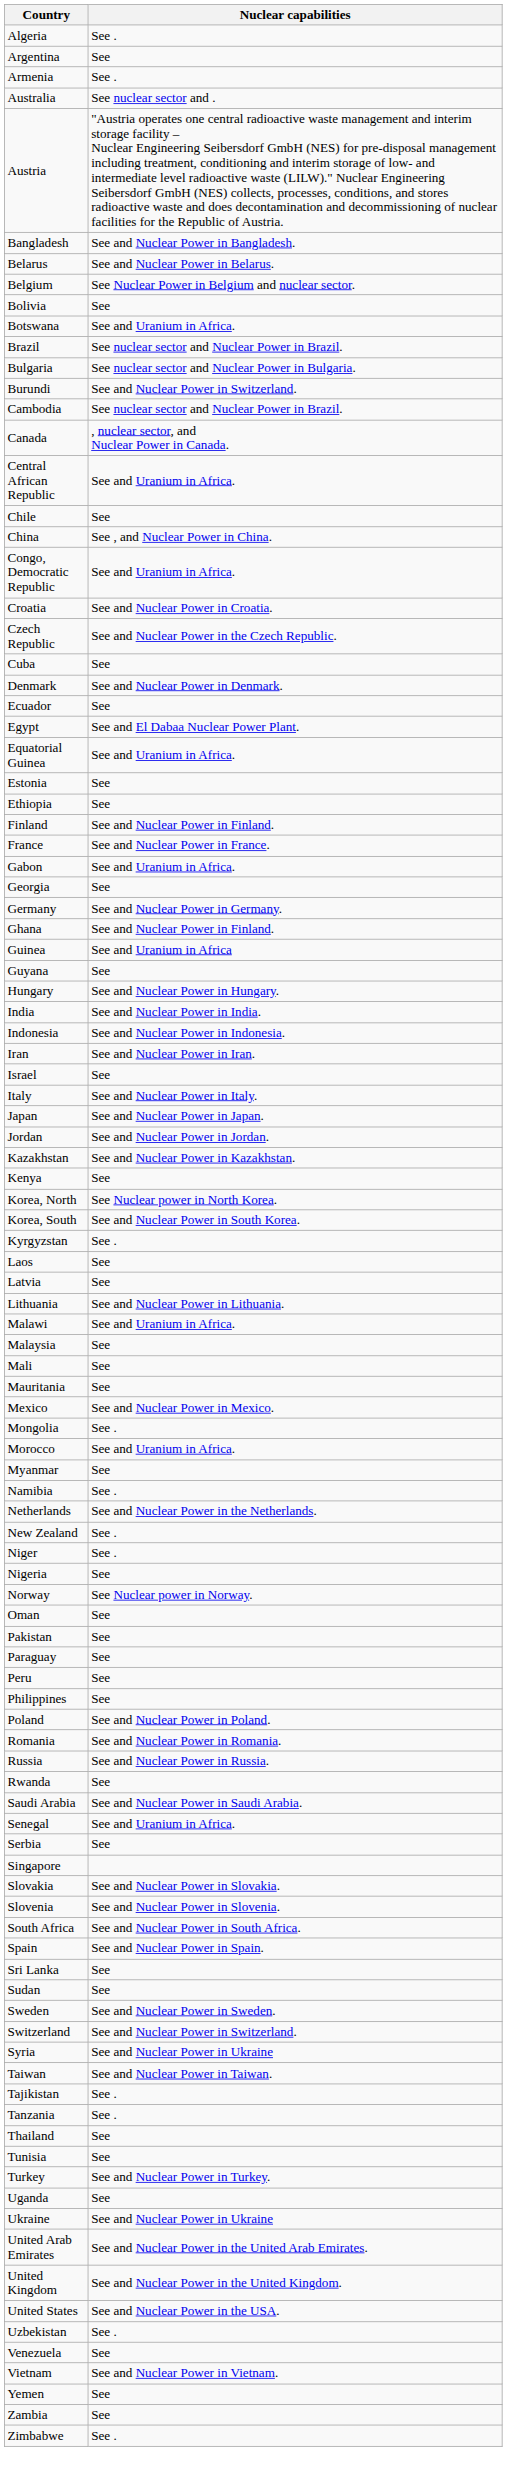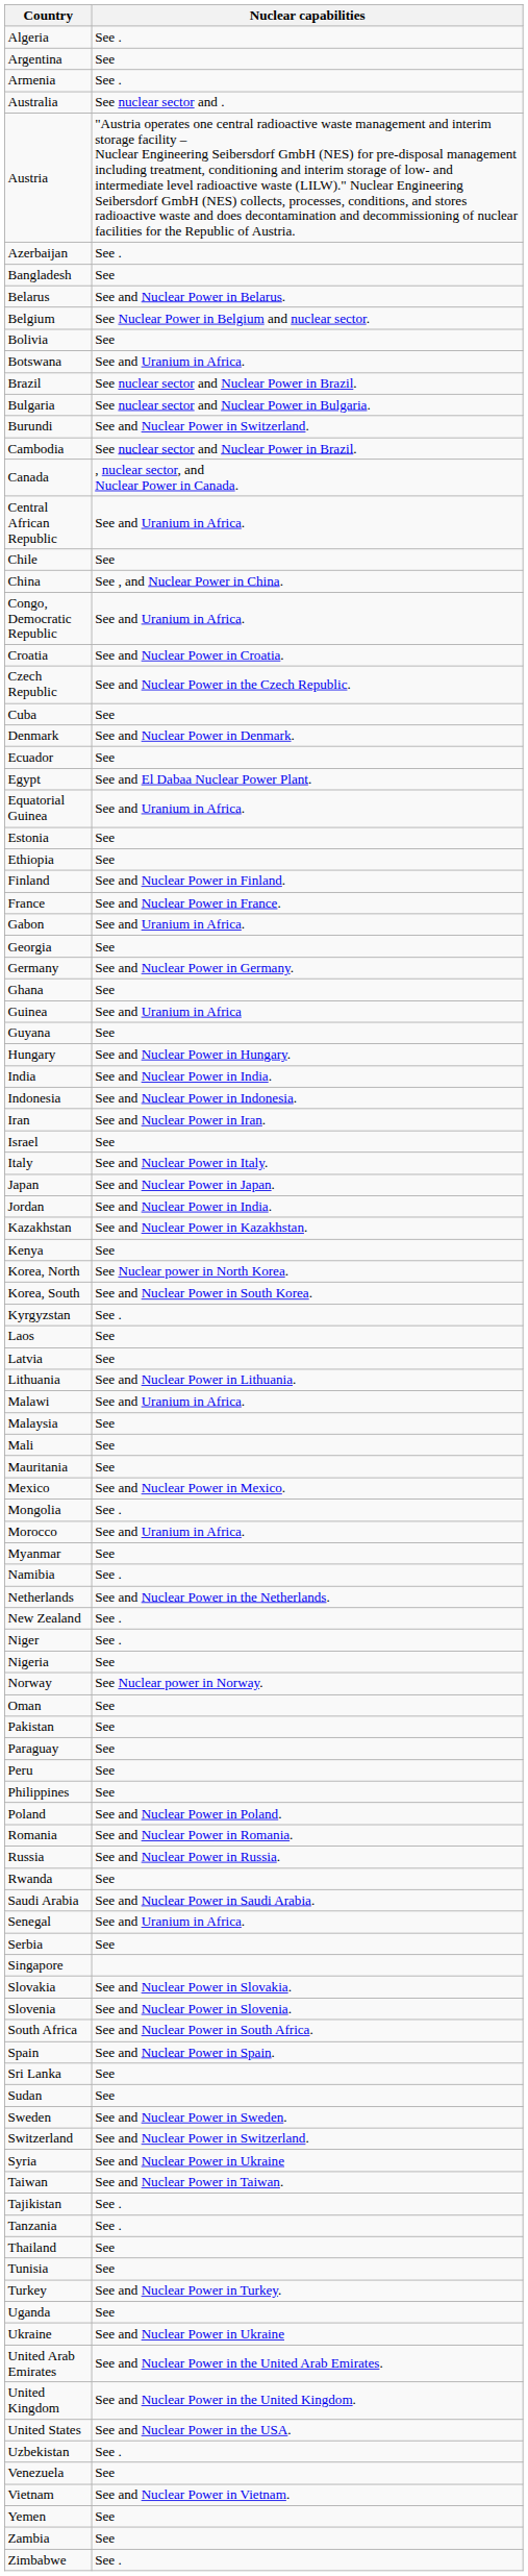 <table class="wikitable sortable">
 <tr>
 <th>Country</th>
 <th>Nuclear capabilities</th>
 </tr>
 <tr>
 <td>Algeria</td>
 <td>See .</td>
 </tr>
 <tr>
 <td>Argentina</td>
 <td>See </td>
 </tr>
 <tr>
 <td>Armenia</td>
 <td>See .</td>
 </tr>
 <tr>
 <td>Australia</td>
 <td>See <a href='#'>nuclear sector</a> and .</td>
 </tr>
 <tr>
 <td>Austria</td>
 <td>"Austria operates one central radioactive waste management and interim storage facility –<br>Nuclear Engineering Seibersdorf GmbH (NES) for pre-disposal management including treatment, conditioning and interim storage of low- and intermediate level radioactive waste (LILW)." Nuclear Engineering Seibersdorf GmbH (NES) collects, processes, conditions, and stores radioactive waste and does decontamination and decommissioning of nuclear facilities for the Republic of Austria.</td>
 </tr>
 <tr>
+<td>Azerbaijan</td>
+<td>See .</td>
+</tr>
+<tr>
 <td>Bangladesh</td>
-<td>See  and <a href='#'>Nuclear Power in Bangladesh</a>.</td>
+<td>See </td>
 </tr>
 <tr>
 <td>Belarus</td>
 <td>See  and <a href='#'>Nuclear Power in Belarus</a>.</td>
 </tr>
 <tr>
 <td>Belgium</td>
 <td>See <a href='#'>Nuclear Power in Belgium</a> and <a href='#'>nuclear sector</a>.</td>
 </tr>
 <tr>
 <td>Bolivia</td>
 <td>See </td>
 </tr>
 <tr>
 <td>Botswana</td>
 <td>See  and <a href='#'>Uranium in Africa</a>.</td>
 </tr>
 <tr>
 <td>Brazil</td>
 <td>See <a href='#'>nuclear sector</a> and <a href='#'>Nuclear Power in Brazil</a>.</td>
 </tr>
 <tr>
 <td>Bulgaria</td>
 <td>See <a href='#'>nuclear sector</a> and  <a href='#'>Nuclear Power in Bulgaria</a>.</td>
 </tr>
 <tr>
 <td>Burundi</td>
 <td>See  and <a href='#'>Nuclear Power in Switzerland</a>.</td>
 </tr>
 <tr>
 <td>Cambodia</td>
 <td>See <a href='#'>nuclear sector</a> and <a href='#'>Nuclear Power in Brazil</a>.</td>
 </tr>
 <tr>
 <td>Canada</td>
 <td>, <a href='#'>nuclear sector</a>, and<br><a href='#'>Nuclear Power in Canada</a>.</td>
 </tr>
 <tr>
 <td>Central African Republic</td>
 <td>See  and <a href='#'>Uranium in Africa</a>.</td>
 </tr>
 <tr>
 <td>Chile</td>
 <td>See </td>
 </tr>
 <tr>
 <td>China</td>
 <td>See , and <a href='#'>Nuclear Power in China</a>.</td>
 </tr>
 <tr>
 <td>Congo, Democratic Republic</td>
 <td>See  and <a href='#'>Uranium in Africa</a>.</td>
 </tr>
 <tr>
 <td>Croatia</td>
 <td>See  and <a href='#'>Nuclear Power in Croatia</a>.</td>
 </tr>
 <tr>
 <td>Czech Republic</td>
 <td>See  and <a href='#'>Nuclear Power in the Czech Republic</a>.</td>
 </tr>
 <tr>
 <td>Cuba</td>
 <td>See </td>
 </tr>
 <tr>
 <td>Denmark</td>
 <td>See  and <a href='#'>Nuclear Power in Denmark</a>.</td>
 </tr>
 <tr>
 <td>Ecuador</td>
 <td>See </td>
 </tr>
 <tr>
 <td>Egypt</td>
 <td>See  and <a href='#'>El Dabaa Nuclear Power Plant</a>.</td>
 </tr>
 <tr>
 <td>Equatorial Guinea</td>
 <td>See  and <a href='#'>Uranium in Africa</a>.</td>
 </tr>
 <tr>
 <td>Estonia</td>
 <td>See </td>
 </tr>
 <tr>
 <td>Ethiopia</td>
 <td>See </td>
 </tr>
 <tr>
 <td>Finland</td>
 <td>See  and <a href='#'>Nuclear Power in Finland</a>.</td>
 </tr>
 <tr>
 <td>France</td>
 <td>See  and <a href='#'>Nuclear Power in France</a>.</td>
 </tr>
 <tr>
 <td>Gabon</td>
 <td>See  and <a href='#'>Uranium in Africa</a>.</td>
 </tr>
 <tr>
 <td>Georgia</td>
 <td>See </td>
 </tr>
 <tr>
 <td>Germany</td>
 <td>See  and <a href='#'>Nuclear Power in Germany</a>.</td>
 </tr>
 <tr>
 <td>Ghana</td>
-<td>See  and <a href='#'>Nuclear Power in Finland</a>.</td>
+<td>See </td>
 </tr>
 <tr>
 <td>Guinea</td>
 <td>See  and <a href='#'>Uranium in Africa</a></td>
 </tr>
 <tr>
 <td>Guyana</td>
 <td>See </td>
 </tr>
 <tr>
 <td>Hungary</td>
 <td>See  and <a href='#'>Nuclear Power in Hungary</a>.</td>
 </tr>
 <tr>
 <td>India</td>
 <td>See  and <a href='#'>Nuclear Power in India</a>.</td>
 </tr>
 <tr>
 <td>Indonesia</td>
 <td>See  and <a href='#'>Nuclear Power in Indonesia</a>.</td>
 </tr>
 <tr>
 <td>Iran</td>
 <td>See  and <a href='#'>Nuclear Power in Iran</a>.</td>
 </tr>
 <tr>
 <td>Israel</td>
 <td>See </td>
 </tr>
 <tr>
 <td>Italy</td>
 <td>See  and <a href='#'>Nuclear Power in Italy</a>.</td>
 </tr>
 <tr>
 <td>Japan</td>
 <td>See  and <a href='#'>Nuclear Power in Japan</a>.</td>
 </tr>
 <tr>
 <td>Jordan</td>
-<td>See  and <a href='#'>Nuclear Power in Jordan</a>.</td>
+<td>See  and <a href='#'>Nuclear Power in India</a>.</td>
 </tr>
 <tr>
 <td>Kazakhstan</td>
 <td>See  and <a href='#'>Nuclear Power in Kazakhstan</a>.</td>
 </tr>
 <tr>
 <td>Kenya</td>
 <td>See </td>
 </tr>
 <tr>
 <td>Korea, North</td>
 <td>See <a href='#'>Nuclear power in North Korea</a>.</td>
 </tr>
 <tr>
 <td>Korea, South</td>
 <td>See  and <a href='#'>Nuclear Power in South Korea</a>.</td>
 </tr>
 <tr>
 <td>Kyrgyzstan</td>
 <td>See .</td>
 </tr>
 <tr>
 <td>Laos</td>
 <td>See </td>
 </tr>
 <tr>
 <td>Latvia</td>
 <td>See </td>
 </tr>
 <tr>
 <td>Lithuania</td>
 <td>See  and <a href='#'>Nuclear Power in Lithuania</a>.</td>
 </tr>
 <tr>
 <td>Malawi</td>
 <td>See  and <a href='#'>Uranium in Africa</a>.</td>
 </tr>
 <tr>
 <td>Malaysia</td>
 <td>See </td>
 </tr>
 <tr>
 <td>Mali</td>
 <td>See </td>
 </tr>
 <tr>
 <td>Mauritania</td>
 <td>See </td>
 </tr>
 <tr>
 <td>Mexico</td>
 <td>See  and <a href='#'>Nuclear Power in Mexico</a>.</td>
 </tr>
 <tr>
 <td>Mongolia</td>
 <td>See .</td>
 </tr>
 <tr>
 <td>Morocco</td>
 <td>See  and <a href='#'>Uranium in Africa</a>.</td>
 </tr>
 <tr>
 <td>Myanmar</td>
 <td>See </td>
 </tr>
 <tr>
 <td>Namibia</td>
 <td>See .</td>
 </tr>
 <tr>
 <td>Netherlands</td>
 <td>See  and <a href='#'>Nuclear Power in the Netherlands</a>.</td>
 </tr>
 <tr>
 <td>New Zealand</td>
 <td>See .</td>
 </tr>
 <tr>
 <td>Niger</td>
 <td>See .</td>
 </tr>
 <tr>
 <td>Nigeria</td>
 <td>See </td>
 </tr>
 <tr>
 <td>Norway</td>
 <td>See <a href='#'>Nuclear power in Norway</a>.</td>
 </tr>
 <tr>
 <td>Oman</td>
 <td>See </td>
 </tr>
 <tr>
 <td>Pakistan</td>
 <td>See </td>
 </tr>
 <tr>
 <td>Paraguay</td>
 <td>See </td>
 </tr>
 <tr>
 <td>Peru</td>
 <td>See </td>
 </tr>
 <tr>
 <td>Philippines</td>
 <td>See </td>
 </tr>
 <tr>
 <td>Poland</td>
 <td>See  and <a href='#'>Nuclear Power in Poland</a>.</td>
 </tr>
 <tr>
 <td>Romania</td>
 <td>See  and <a href='#'>Nuclear Power in Romania</a>.</td>
 </tr>
 <tr>
 <td>Russia</td>
 <td>See  and <a href='#'>Nuclear Power in Russia</a>.</td>
 </tr>
 <tr>
 <td>Rwanda</td>
 <td>See </td>
 </tr>
 <tr>
 <td>Saudi Arabia</td>
 <td>See  and <a href='#'>Nuclear Power in Saudi Arabia</a>.</td>
 </tr>
 <tr>
 <td>Senegal</td>
 <td>See  and <a href='#'>Uranium in Africa</a>.</td>
 </tr>
 <tr>
 <td>Serbia</td>
 <td>See </td>
 </tr>
 <tr>
 <td>Singapore</td>
 <td></td>
 </tr>
 <tr>
 <td>Slovakia</td>
 <td>See  and <a href='#'>Nuclear Power in Slovakia</a>.</td>
 </tr>
 <tr>
 <td>Slovenia</td>
 <td>See  and <a href='#'>Nuclear Power in Slovenia</a>.</td>
 </tr>
 <tr>
 <td>South Africa</td>
 <td>See  and <a href='#'>Nuclear Power in South Africa</a>.</td>
 </tr>
 <tr>
 <td>Spain</td>
 <td>See  and <a href='#'>Nuclear Power in Spain</a>.</td>
 </tr>
 <tr>
 <td>Sri Lanka</td>
 <td>See </td>
 </tr>
 <tr>
 <td>Sudan</td>
 <td>See </td>
 </tr>
 <tr>
 <td>Sweden</td>
 <td>See  and <a href='#'>Nuclear Power in Sweden</a>.</td>
 </tr>
 <tr>
 <td>Switzerland</td>
 <td>See  and <a href='#'>Nuclear Power in Switzerland</a>.</td>
 </tr>
 <tr>
 <td>Syria</td>
 <td>See  and <a href='#'>Nuclear Power in Ukraine</a></td>
 </tr>
 <tr>
 <td>Taiwan</td>
 <td>See  and <a href='#'>Nuclear Power in Taiwan</a>.</td>
 </tr>
 <tr>
 <td>Tajikistan</td>
 <td>See .</td>
 </tr>
 <tr>
 <td>Tanzania</td>
 <td>See .</td>
 </tr>
 <tr>
 <td>Thailand</td>
 <td>See </td>
 </tr>
 <tr>
 <td>Tunisia</td>
 <td>See </td>
 </tr>
 <tr>
 <td>Turkey</td>
 <td>See  and <a href='#'>Nuclear Power in Turkey</a>.</td>
 </tr>
 <tr>
 <td>Uganda</td>
 <td>See </td>
 </tr>
 <tr>
 <td>Ukraine</td>
 <td>See  and <a href='#'>Nuclear Power in Ukraine</a></td>
 </tr>
 <tr>
 <td>United Arab Emirates</td>
 <td>See  and <a href='#'>Nuclear Power in the United Arab Emirates</a>.</td>
 </tr>
 <tr>
 <td>United Kingdom</td>
 <td>See  and <a href='#'>Nuclear Power in the United Kingdom</a>.</td>
 </tr>
 <tr>
 <td>United States</td>
 <td>See  and <a href='#'>Nuclear Power in the USA</a>.</td>
 </tr>
 <tr>
 <td>Uzbekistan</td>
 <td>See .</td>
 </tr>
 <tr>
 <td>Venezuela</td>
 <td>See </td>
 </tr>
 <tr>
 <td>Vietnam</td>
 <td>See  and <a href='#'>Nuclear Power in Vietnam</a>.</td>
 </tr>
 <tr>
 <td>Yemen</td>
 <td>See </td>
 </tr>
 <tr>
 <td>Zambia</td>
 <td>See </td>
 </tr>
 <tr>
 <td>Zimbabwe</td>
 <td>See .</td>
 </tr>
 </table>
